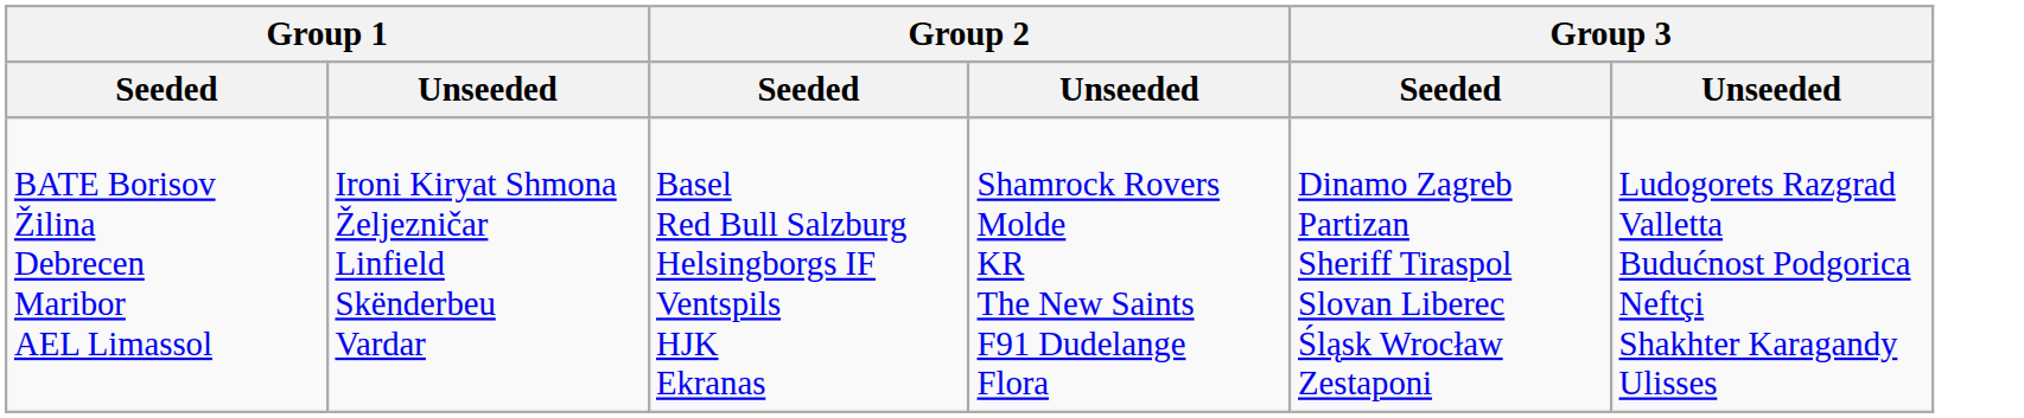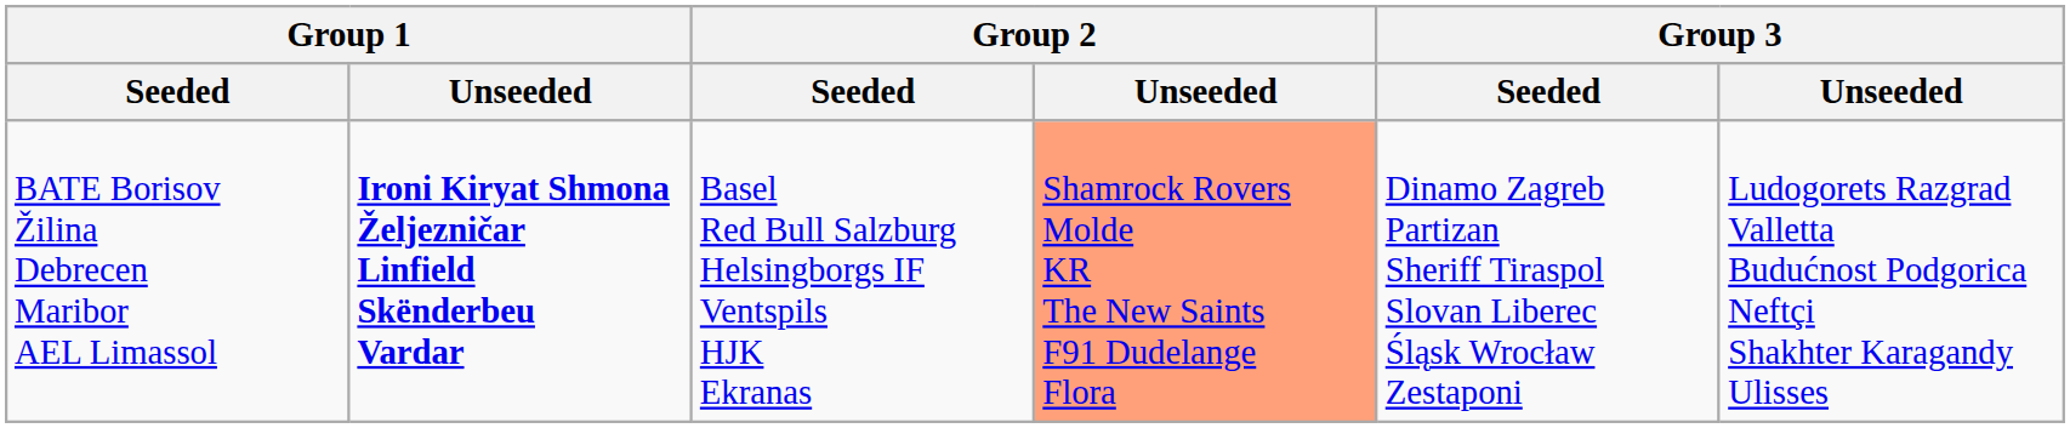 <table class="wikitable" style="font-size:80%">
 <tr>
 <th colspan=2>Group 1</th>
 <th colspan=2>Group 2</th>
 <th colspan=2>Group 3</th>
 </tr>
 <tr>
 <th width=16%>Seeded</th>
 <th width=16%>Unseeded</th>
 <th width=16%>Seeded</th>
 <th width=16%>Unseeded</th>
 <th width=16%>Seeded</th>
 <th width=16%>Unseeded</th>
 </tr>
 <tr>
 <td valign=top><br> <a href='#'>BATE Borisov</a><br>  <a href='#'>Žilina</a><br>  <a href='#'>Debrecen</a><br>  <a href='#'>Maribor</a><br>  <a href='#'>AEL Limassol</a></td>
-<td valign=top><br> <a href='#'>Ironi Kiryat Shmona</a><br>  <a href='#'>Željezničar</a><br>  <a href='#'>Linfield</a><br>  <a href='#'>Skënderbeu</a><br>  <a href='#'>Vardar</a></td>
+<td valign=top><strong><br> <a href='#'>Ironi Kiryat Shmona</a><br>  <a href='#'>Željezničar</a><br>  <a href='#'>Linfield</a><br>  <a href='#'>Skënderbeu</a><br>  <a href='#'>Vardar</a></strong></td>
 <td valign=top><br> <a href='#'>Basel</a><br>  <a href='#'>Red Bull Salzburg</a><br>  <a href='#'>Helsingborgs IF</a><br>  <a href='#'>Ventspils</a><br>  <a href='#'>HJK</a><br>  <a href='#'>Ekranas</a></td>
-<td valign=top><br> <a href='#'>Shamrock Rovers</a><br>  <a href='#'>Molde</a><br>  <a href='#'>KR</a><br>  <a href='#'>The New Saints</a><br>  <a href='#'>F91 Dudelange</a><br>  <a href='#'>Flora</a></td>
+<td valign=top style="background: lightsalmon;"><br> <a href='#'>Shamrock Rovers</a><br>  <a href='#'>Molde</a><br>  <a href='#'>KR</a><br>  <a href='#'>The New Saints</a><br>  <a href='#'>F91 Dudelange</a><br>  <a href='#'>Flora</a></td>
 <td valign=top><br> <a href='#'>Dinamo Zagreb</a><br>  <a href='#'>Partizan</a><br>  <a href='#'>Sheriff Tiraspol</a><br>  <a href='#'>Slovan Liberec</a><br>  <a href='#'>Śląsk Wrocław</a><br>  <a href='#'>Zestaponi</a></td>
 <td valign=top><br> <a href='#'>Ludogorets Razgrad</a><br>  <a href='#'>Valletta</a><br>  <a href='#'>Budućnost Podgorica</a><br>  <a href='#'>Neftçi</a><br>  <a href='#'>Shakhter Karagandy</a><br>  <a href='#'>Ulisses</a></td>
 </tr>
 </table>
